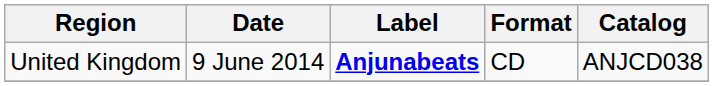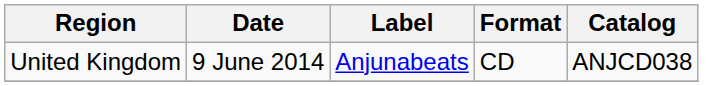 <table class=wikitable>
 <tr>
 <th>Region</th>
 <th>Date</th>
 <th>Label</th>
 <th>Format</th>
 <th>Catalog</th>
 </tr>
 <tr>
 <td>United Kingdom</td>
 <td>9 June 2014</td>
-<td><strong><a href='#'>Anjunabeats</a></strong></td>
+<td><a href='#'>Anjunabeats</a></td>
 <td>CD</td>
 <td>ANJCD038</td>
 </tr>
 <tr>
 </tr>
 </table>
